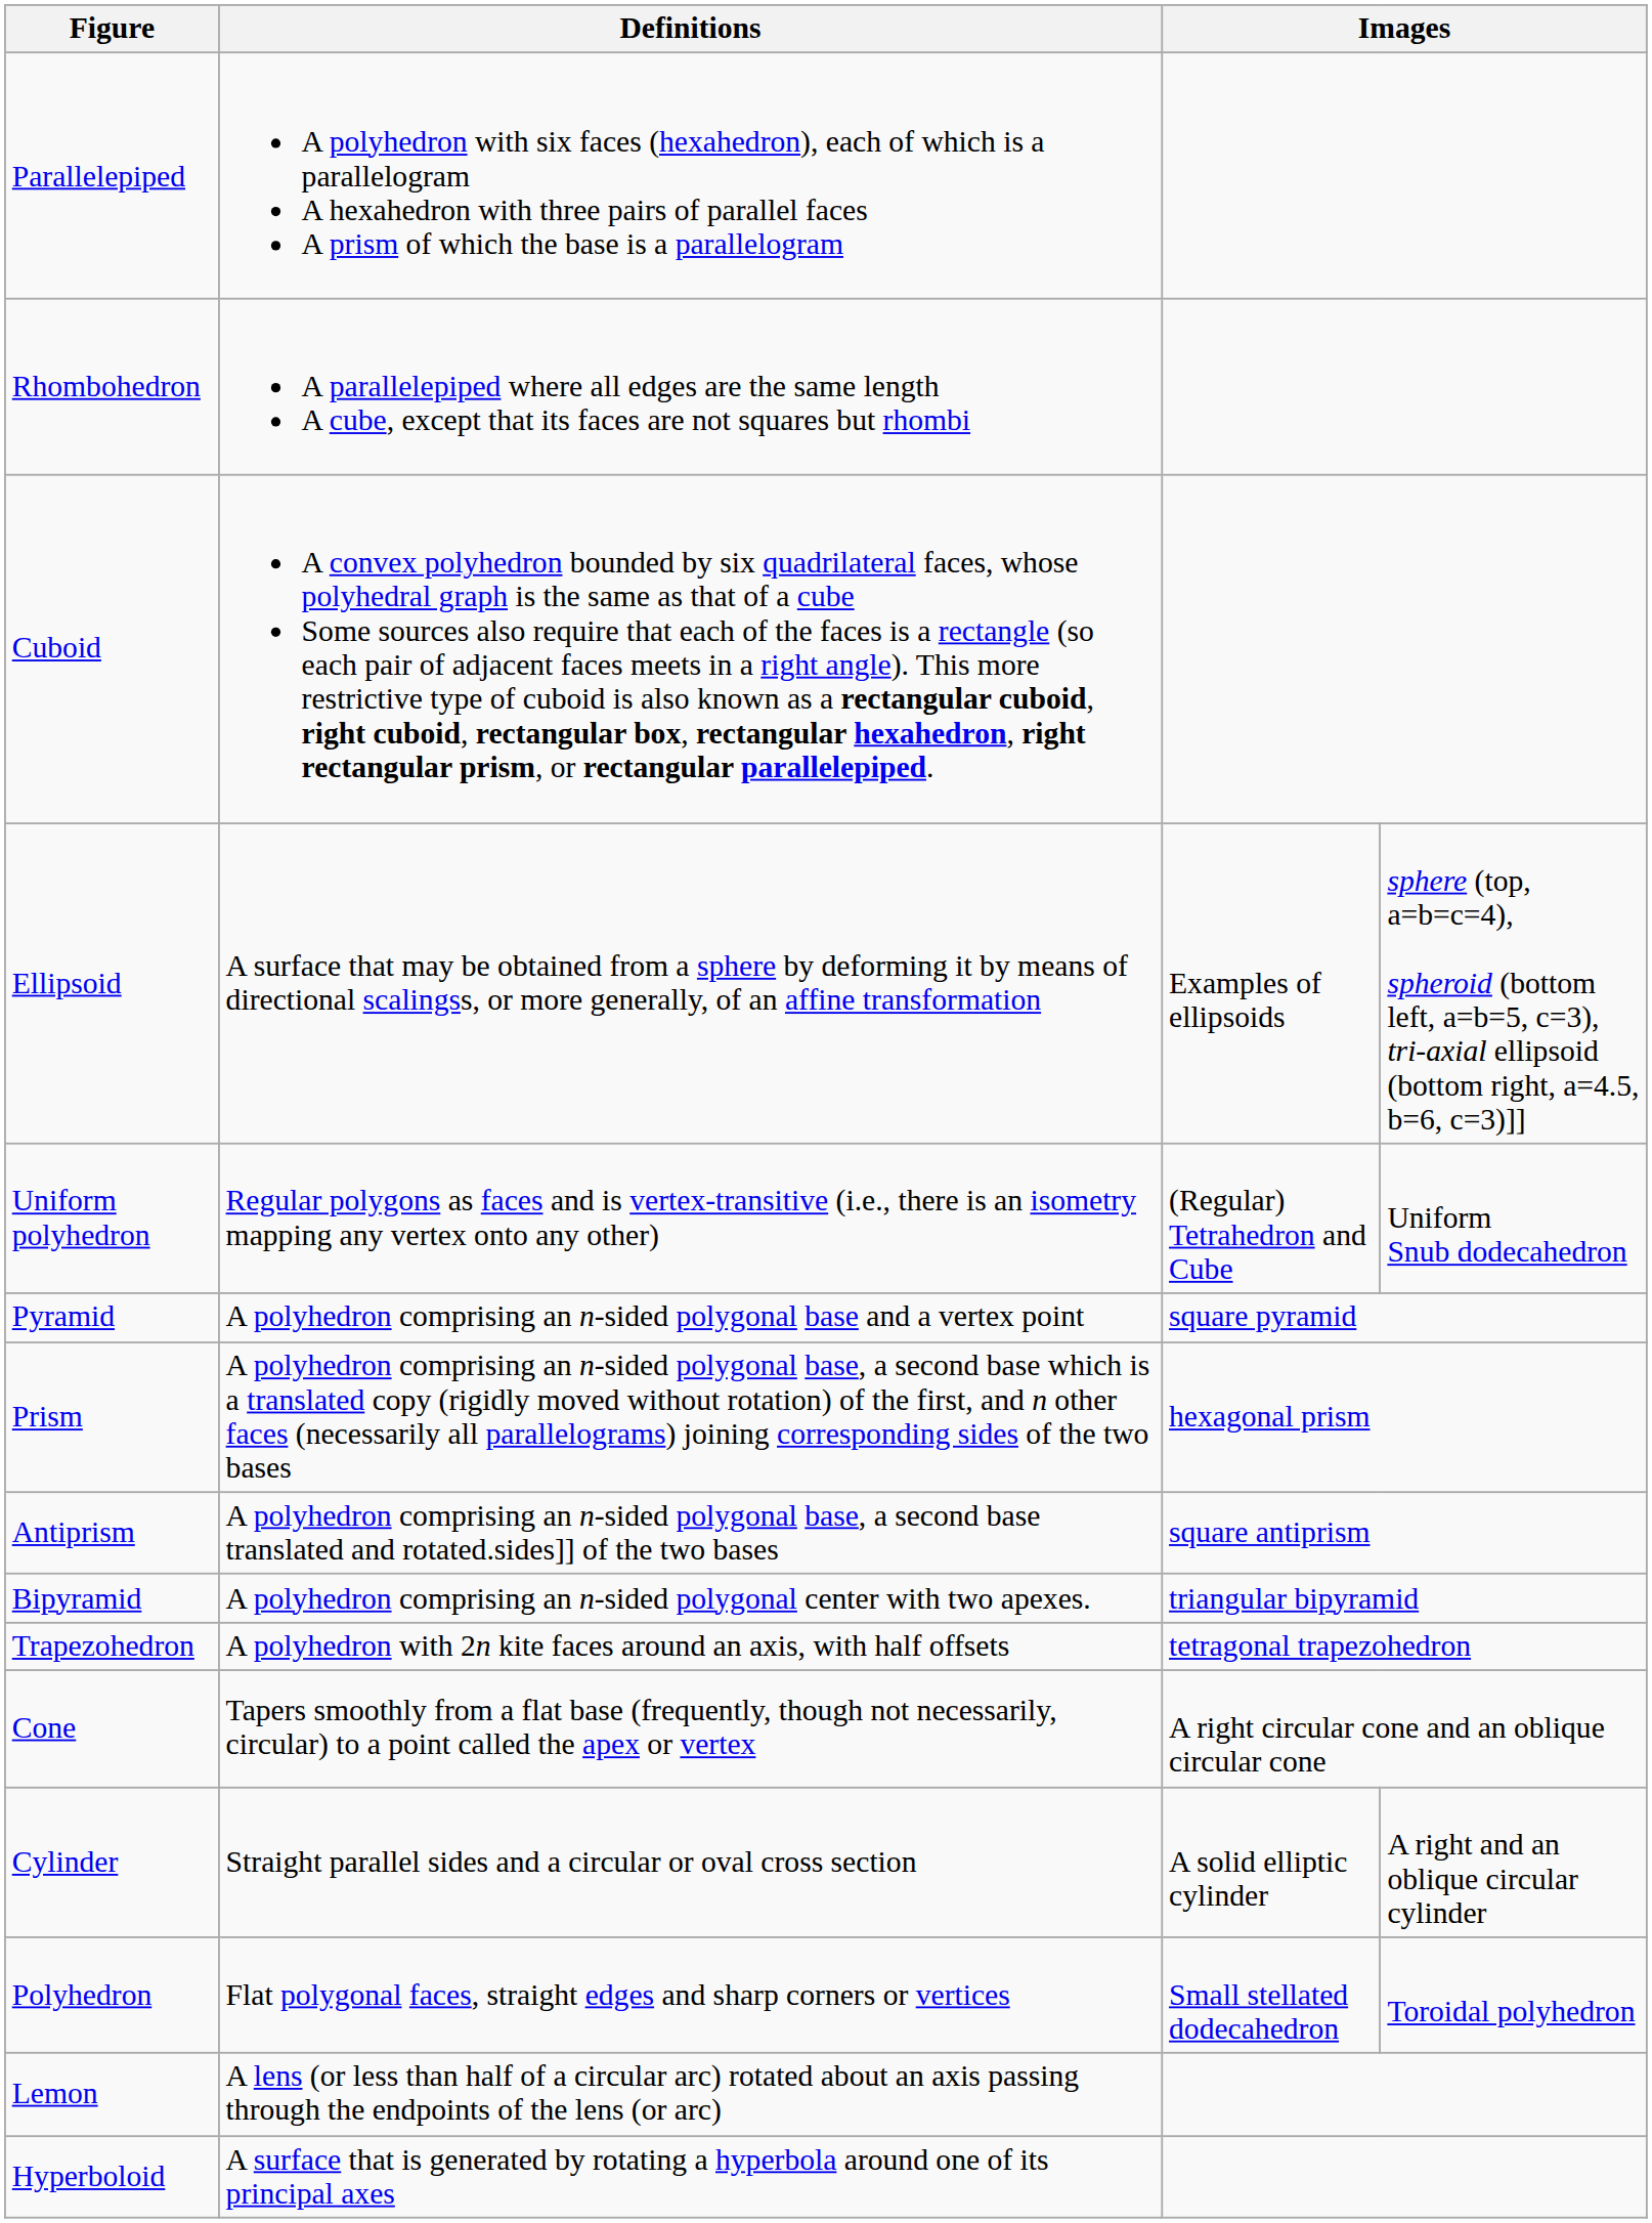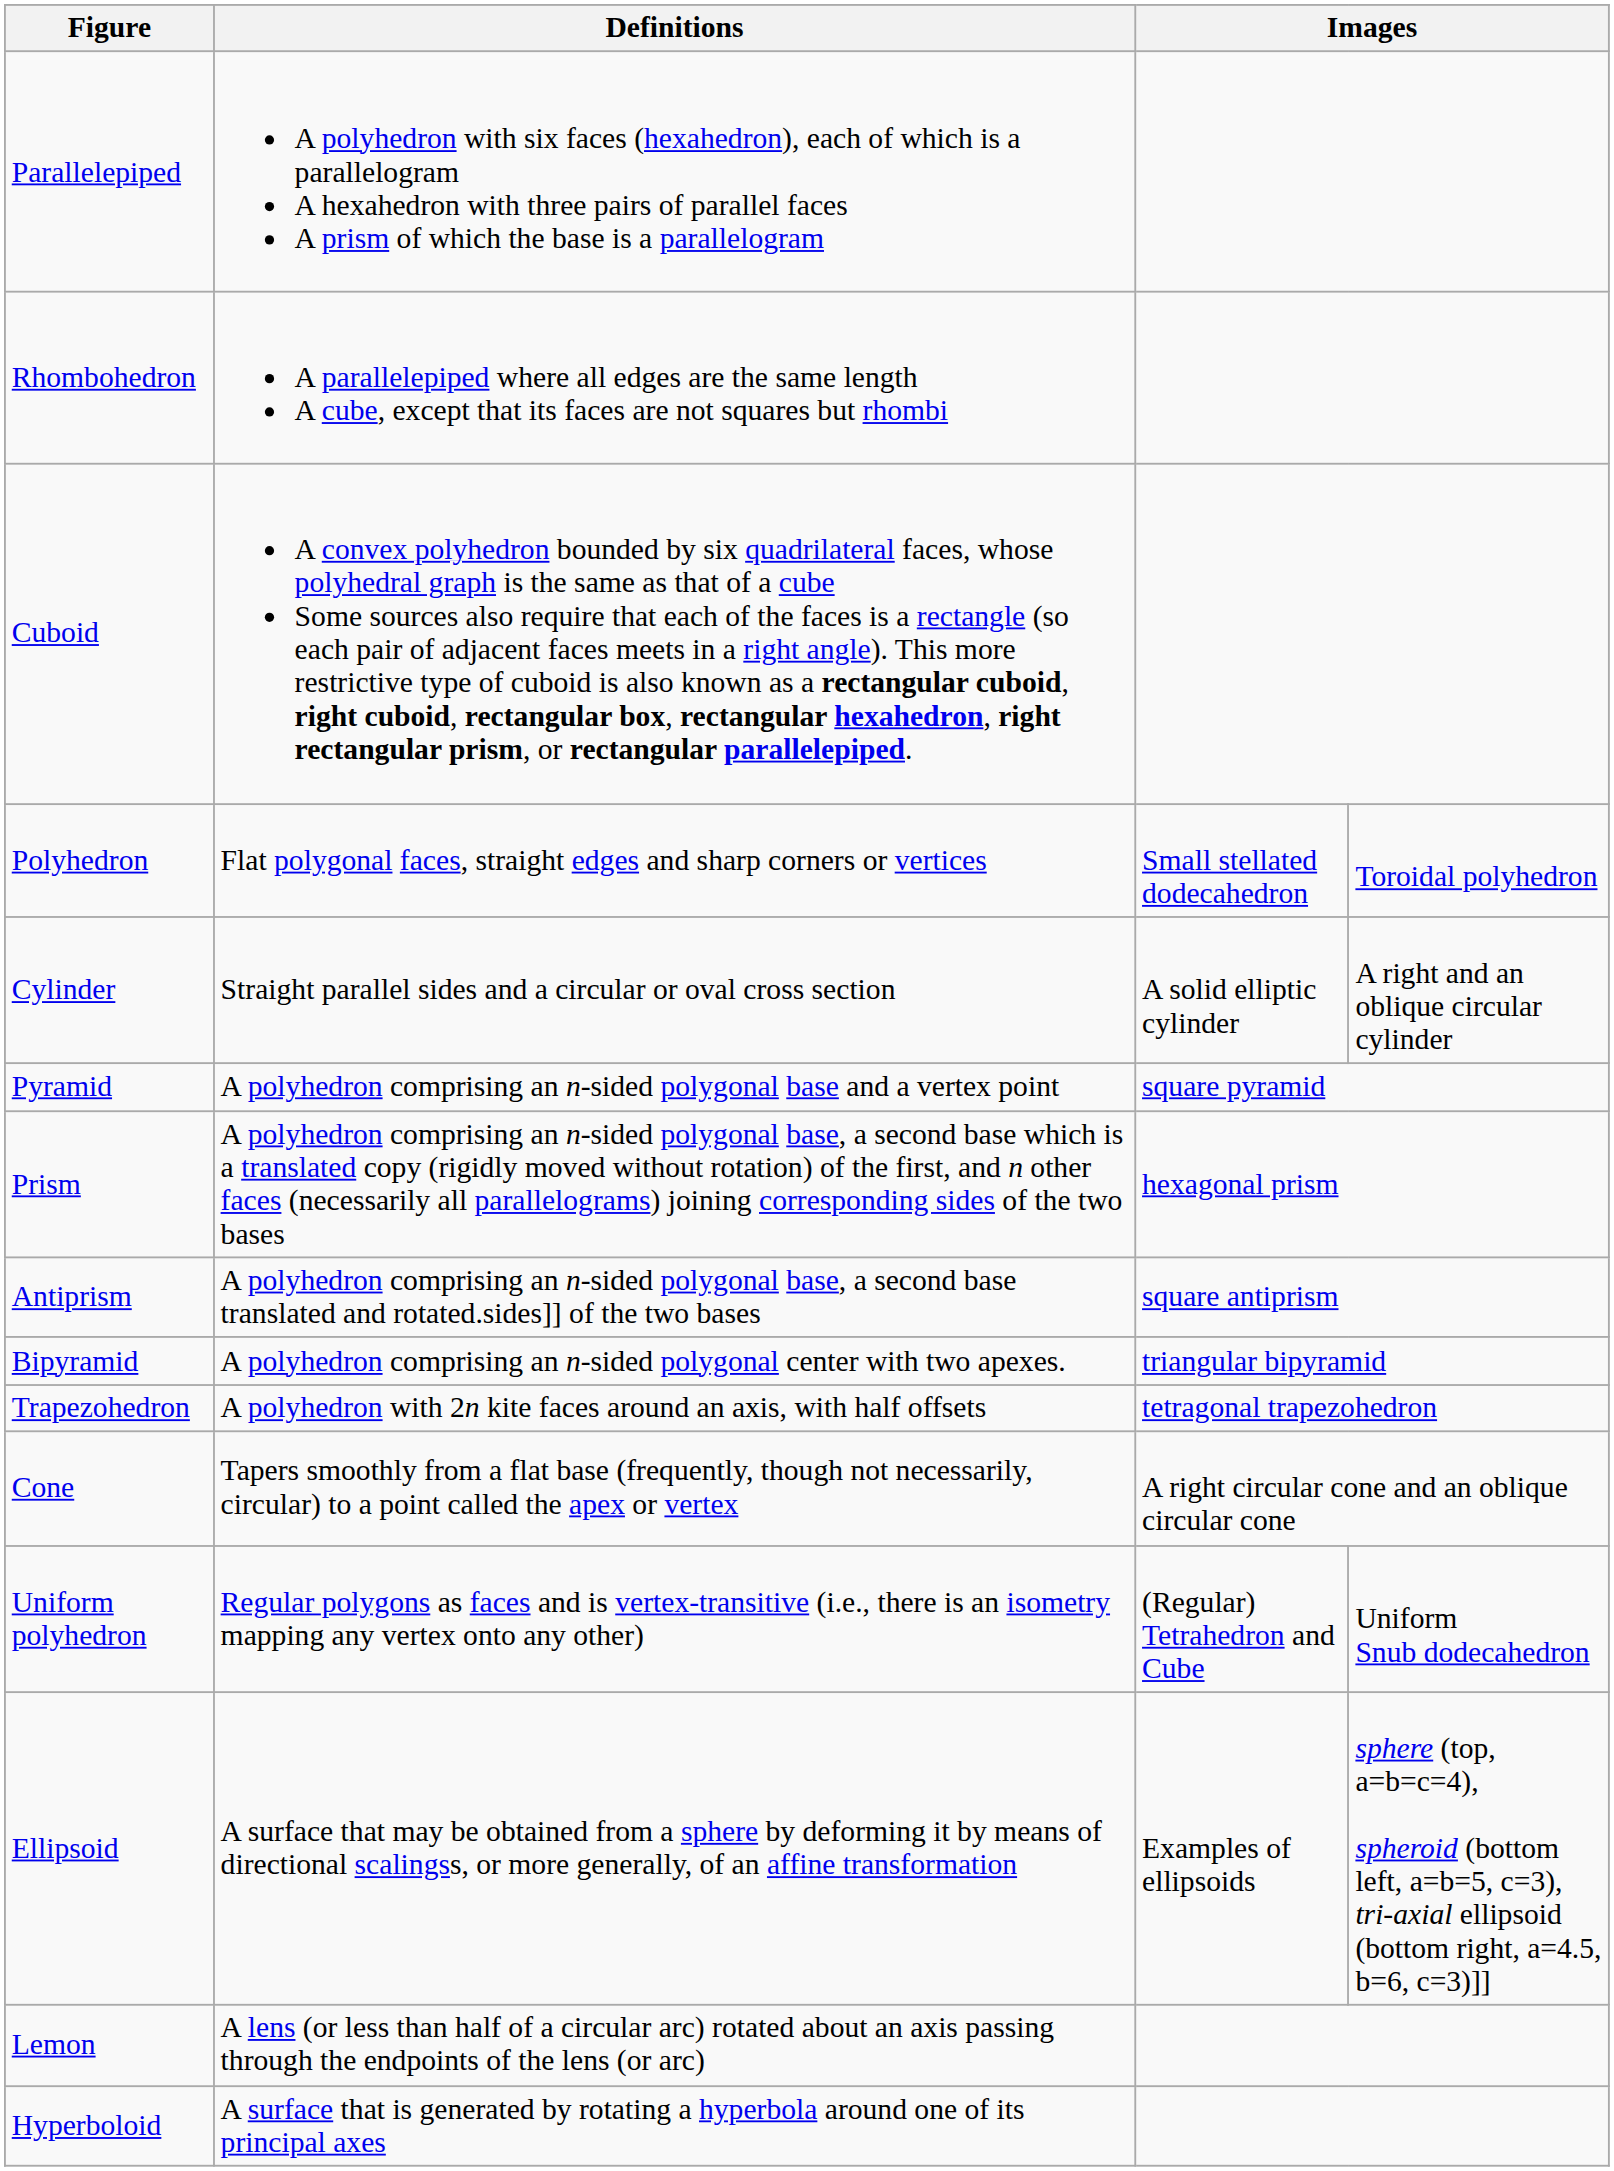 <table class="wikitable">
 <tr>
 <th>Figure</th>
 <th>Definitions</th>
 <th colspan=2>Images</th>
 </tr>
 <tr>
 <td><a href='#'>Parallelepiped</a></td>
 <td><br><ul><li>A <a href='#'>polyhedron</a> with six faces (<a href='#'>hexahedron</a>), each of which is a parallelogram</li><li>A hexahedron with three pairs of parallel faces</li><li>A <a href='#'>prism</a> of which the base is a <a href='#'>parallelogram</a></li></ul></td>
 <td colspan=2></td>
 </tr>
 <tr>
 <td><a href='#'>Rhombohedron</a></td>
 <td><br><ul><li>A <a href='#'>parallelepiped</a> where all edges are the same length</li><li>A <a href='#'>cube</a>, except that its faces are not squares but <a href='#'>rhombi</a></li></ul></td>
 <td colspan=2></td>
 </tr>
 <tr>
 <td><a href='#'>Cuboid</a></td>
 <td><br><ul><li>A <a href='#'>convex polyhedron</a> bounded by six <a href='#'>quadrilateral</a> faces, whose <a href='#'>polyhedral graph</a> is the same as that of a <a href='#'>cube</a></li><li>Some sources also require that each of the faces is a <a href='#'>rectangle</a> (so each pair of adjacent faces meets in a <a href='#'>right angle</a>). This more restrictive type of cuboid is also known as a <strong>rectangular cuboid</strong>, <strong>right cuboid</strong>, <strong>rectangular box</strong>, <strong>rectangular <a href='#'>hexahedron</a></strong>, <strong>right rectangular prism</strong>, or <strong>rectangular <a href='#'>parallelepiped</a></strong>.</li></ul></td>
 <td colspan=2></td>
 </tr>
 <tr>
-<td><a href='#'>Ellipsoid</a></td>
-<td>A surface that may be obtained from a <a href='#'>sphere</a> by deforming it by means of directional <a href='#'>scalings</a>s, or more generally, of an <a href='#'>affine transformation</a></td>
-<td><br>Examples of ellipsoids</td>
-<td><br><em><a href='#'>sphere</a></em> (top, a=b=c=4),<br><br><em><a href='#'>spheroid</a></em> (bottom left, a=b=5, c=3),<br> <em>tri-axial</em> ellipsoid (bottom right, a=4.5, b=6, c=3)]]</td>
+<td><a href='#'>Polyhedron</a></td>
+<td>Flat <a href='#'>polygonal</a> <a href='#'>faces</a>, straight <a href='#'>edges</a> and sharp corners or <a href='#'>vertices</a></td>
+<td><br><a href='#'>Small stellated dodecahedron</a></td>
+<td><br><a href='#'>Toroidal polyhedron</a></td>
 </tr>
 <tr>
-<td><a href='#'>Uniform polyhedron</a></td>
-<td><a href='#'>Regular polygons</a> as <a href='#'>faces</a> and is <a href='#'>vertex-transitive</a> (i.e., there is an <a href='#'>isometry</a> mapping any vertex onto any other)</td>
-<td> <br>(Regular)<br><a href='#'>Tetrahedron</a> and <a href='#'>Cube</a></td>
-<td><br>Uniform<br><a href='#'>Snub dodecahedron</a></td>
+<td><a href='#'>Cylinder</a></td>
+<td>Straight parallel sides and a circular or oval cross section</td>
+<td><br>A solid elliptic cylinder</td>
+<td><br>A right and an oblique circular cylinder</td>
 </tr>
 <tr>
 <td><a href='#'>Pyramid</a></td>
 <td>A <a href='#'>polyhedron</a> comprising an <em>n</em>-sided <a href='#'>polygonal</a> <a href='#'>base</a> and a vertex point</td>
 <td colspan=2> <a href='#'>square pyramid</a></td>
 </tr>
 <tr>
 <td><a href='#'>Prism</a></td>
 <td>A <a href='#'>polyhedron</a> comprising an <em>n</em>-sided <a href='#'>polygonal</a> <a href='#'>base</a>, a second base which is a <a href='#'>translated</a> copy (rigidly moved without rotation) of the first, and <em>n</em> other <a href='#'>faces</a> (necessarily all <a href='#'>parallelograms</a>) joining <a href='#'>corresponding sides</a> of the two bases</td>
 <td colspan=2> <a href='#'>hexagonal prism</a></td>
 </tr>
 <tr>
 <td><a href='#'>Antiprism</a></td>
 <td>A <a href='#'>polyhedron</a> comprising an <em>n</em>-sided <a href='#'>polygonal</a> <a href='#'>base</a>, a second base translated and rotated.sides]] of the two bases</td>
 <td colspan=2> <a href='#'>square antiprism</a></td>
 </tr>
 <tr>
 <td><a href='#'>Bipyramid</a></td>
 <td>A <a href='#'>polyhedron</a> comprising an <em>n</em>-sided <a href='#'>polygonal</a> center with two apexes.</td>
 <td colspan=2> <a href='#'>triangular bipyramid</a></td>
 </tr>
 <tr>
 <td><a href='#'>Trapezohedron</a></td>
 <td>A <a href='#'>polyhedron</a> with 2<em>n</em> kite faces around an axis, with half offsets</td>
 <td colspan=2> <a href='#'>tetragonal trapezohedron</a></td>
 </tr>
 <tr>
 <td><a href='#'>Cone</a></td>
 <td>Tapers smoothly from a flat base (frequently, though not necessarily, circular) to a point called the <a href='#'>apex</a> or <a href='#'>vertex</a></td>
 <td colspan=2><br>A right circular cone and an oblique circular cone</td>
 </tr>
 <tr>
-<td><a href='#'>Cylinder</a></td>
-<td>Straight parallel sides and a circular or oval cross section</td>
-<td><br>A solid elliptic cylinder</td>
-<td><br>A right and an oblique circular cylinder</td>
+<td><a href='#'>Uniform polyhedron</a></td>
+<td><a href='#'>Regular polygons</a> as <a href='#'>faces</a> and is <a href='#'>vertex-transitive</a> (i.e., there is an <a href='#'>isometry</a> mapping any vertex onto any other)</td>
+<td> <br>(Regular)<br><a href='#'>Tetrahedron</a> and <a href='#'>Cube</a></td>
+<td><br>Uniform<br><a href='#'>Snub dodecahedron</a></td>
 </tr>
 <tr>
-<td><a href='#'>Polyhedron</a></td>
-<td>Flat <a href='#'>polygonal</a> <a href='#'>faces</a>, straight <a href='#'>edges</a> and sharp corners or <a href='#'>vertices</a></td>
-<td><br><a href='#'>Small stellated dodecahedron</a></td>
-<td><br><a href='#'>Toroidal polyhedron</a></td>
+<td><a href='#'>Ellipsoid</a></td>
+<td>A surface that may be obtained from a <a href='#'>sphere</a> by deforming it by means of directional <a href='#'>scalings</a>s, or more generally, of an <a href='#'>affine transformation</a></td>
+<td><br>Examples of ellipsoids</td>
+<td><br><em><a href='#'>sphere</a></em> (top, a=b=c=4),<br><br><em><a href='#'>spheroid</a></em> (bottom left, a=b=5, c=3),<br> <em>tri-axial</em> ellipsoid (bottom right, a=4.5, b=6, c=3)]]</td>
 </tr>
 <tr>
 <td><a href='#'>Lemon</a></td>
 <td>A <a href='#'>lens</a> (or less than half of a circular arc) rotated about an axis passing through the endpoints of the lens (or arc)</td>
 <td colspan=2></td>
 </tr>
 <tr>
 <td><a href='#'>Hyperboloid</a></td>
 <td>A <a href='#'>surface</a> that is generated by rotating a <a href='#'>hyperbola</a> around one of its <a href='#'>principal axes</a></td>
 <td colspan=2></td>
 </tr>
 </table>
